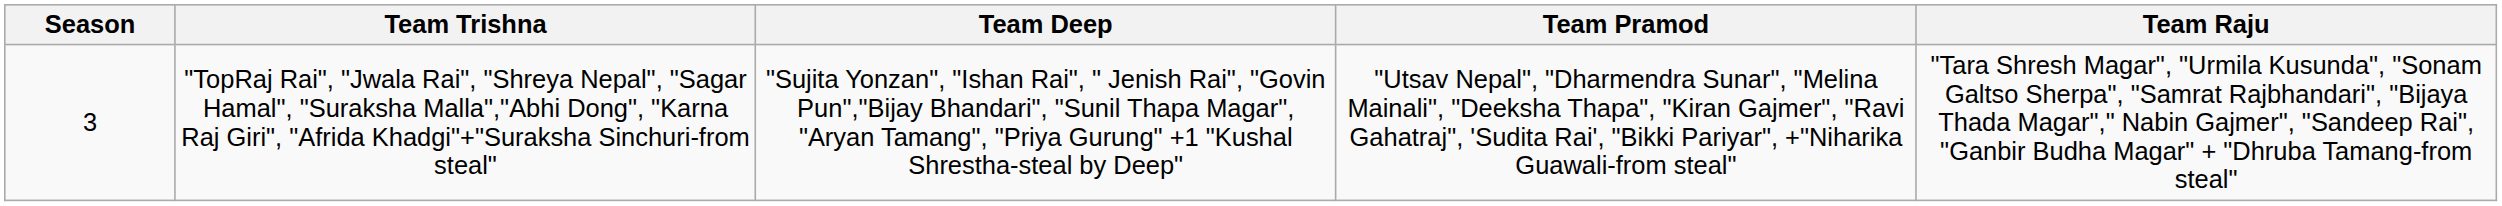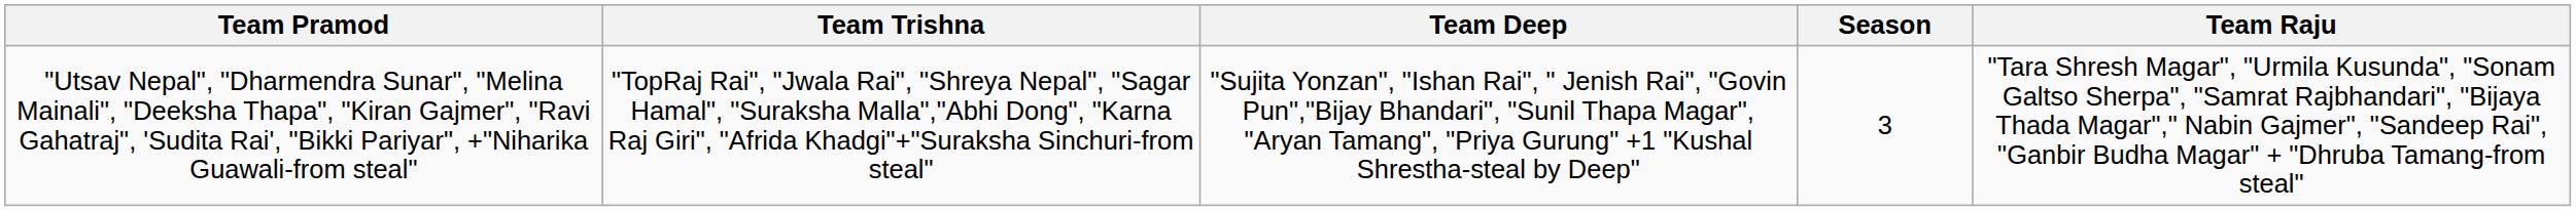 <table class="wikitable plainrowheaders" style="text-align:center">
 <tr>
-<th style="width:5%;" scope="col">Season</th>
+<th style="width:17%;" scope="col">Team Pramod</th>
 <th style="width:17%;" scope="col">Team Trishna</th>
 <th style="width:17%;" scope="col">Team Deep</th>
-<th style="width:17%;" scope="col">Team Pramod</th>
+<th style="width:5%;" scope="col">Season</th>
 <th style="width:17%;" scope="col">Team Raju</th>
 </tr>
 <tr>
-<td scope="row">3</td>
+<td scope="row">"Utsav Nepal", "Dharmendra Sunar", "Melina Mainali", "Deeksha Thapa", "Kiran Gajmer", "Ravi Gahatraj", 'Sudita Rai', "Bikki Pariyar", +"Niharika Guawali-from steal"</td>
 <td scope="row">"TopRaj Rai", "Jwala Rai", "Shreya Nepal", "Sagar Hamal", "Suraksha Malla","Abhi Dong", "Karna Raj Giri", "Afrida Khadgi"+"Suraksha Sinchuri-from steal"</td>
 <td scope="row">"Sujita Yonzan", "Ishan Rai", " Jenish Rai", "Govin Pun","Bijay Bhandari", "Sunil Thapa Magar", "Aryan Tamang", "Priya Gurung" +1 "Kushal Shrestha-steal by Deep"</td>
-<td scope="row">"Utsav Nepal", "Dharmendra Sunar", "Melina Mainali", "Deeksha Thapa", "Kiran Gajmer", "Ravi Gahatraj", 'Sudita Rai', "Bikki Pariyar", +"Niharika Guawali-from steal"</td>
+<td scope="row">3</td>
 <td scope="row">"Tara Shresh Magar", "Urmila Kusunda", "Sonam Galtso Sherpa", "Samrat Rajbhandari", "Bijaya Thada Magar"," Nabin Gajmer", "Sandeep Rai", "Ganbir Budha Magar" + "Dhruba Tamang-from steal"</td>
 </tr>
 </table>
